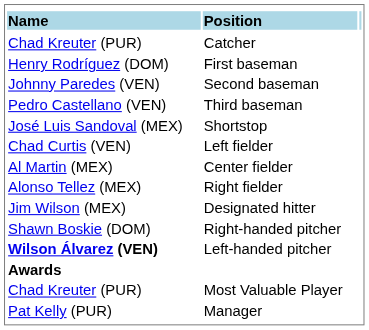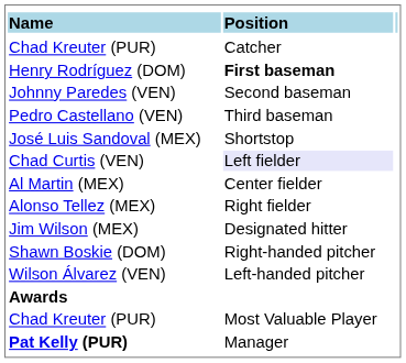 <table cellpadding="1" width="350px" style="font-size: 90%; border: 1px solid gray;">
 <tr align="center" style="font-size: larger;">
 <td colspan=6></td>
 </tr>
 <tr style="background:lightblue;">
 <td><strong>Name</strong></td>
 <td><strong>Position</strong></td>
 <td></td>
 </tr>
 <tr align="center" style="vertical-align: middle;" style="background:lightblue;">
 </tr>
 <tr>
 <td><a href='#'>Chad Kreuter</a> (PUR)</td>
 <td>Catcher</td>
 </tr>
 <tr>
 <td><a href='#'>Henry Rodríguez</a> (DOM)</td>
-<td>First baseman</td>
+<td><strong>First baseman</strong></td>
 </tr>
 <tr>
 <td><a href='#'>Johnny Paredes</a> (VEN)</td>
 <td>Second baseman</td>
 </tr>
 <tr>
 <td><a href='#'>Pedro Castellano</a> (VEN)</td>
 <td>Third baseman</td>
 </tr>
 <tr>
 <td><a href='#'>José Luis Sandoval</a> (MEX)</td>
 <td>Shortstop</td>
 </tr>
 <tr>
 <td><a href='#'>Chad Curtis</a> (VEN)</td>
-<td>Left fielder</td>
+<td style="background: lavender;">Left fielder</td>
 </tr>
 <tr>
 <td><a href='#'>Al Martin</a> (MEX)</td>
 <td>Center fielder</td>
 </tr>
 <tr>
 <td><a href='#'>Alonso Tellez</a> (MEX)</td>
 <td>Right fielder</td>
 </tr>
 <tr>
 <td><a href='#'>Jim Wilson</a> (MEX)</td>
 <td>Designated hitter</td>
 </tr>
 <tr>
 <td><a href='#'>Shawn Boskie</a> (DOM)</td>
 <td>Right-handed pitcher</td>
 </tr>
 <tr>
-<td><strong><a href='#'>Wilson Álvarez</a> (VEN)</strong></td>
+<td><a href='#'>Wilson Álvarez</a> (VEN)</td>
 <td>Left-handed pitcher</td>
 </tr>
 <tr>
 <td><strong>Awards</strong></td>
 </tr>
 <tr>
 <td><a href='#'>Chad Kreuter</a> (PUR)</td>
 <td>Most Valuable Player</td>
 </tr>
 <tr>
-<td><a href='#'>Pat Kelly</a> (PUR)</td>
+<td><strong><a href='#'>Pat Kelly</a> (PUR)</strong></td>
 <td>Manager</td>
 </tr>
 <tr>
 </tr>
 </table>
